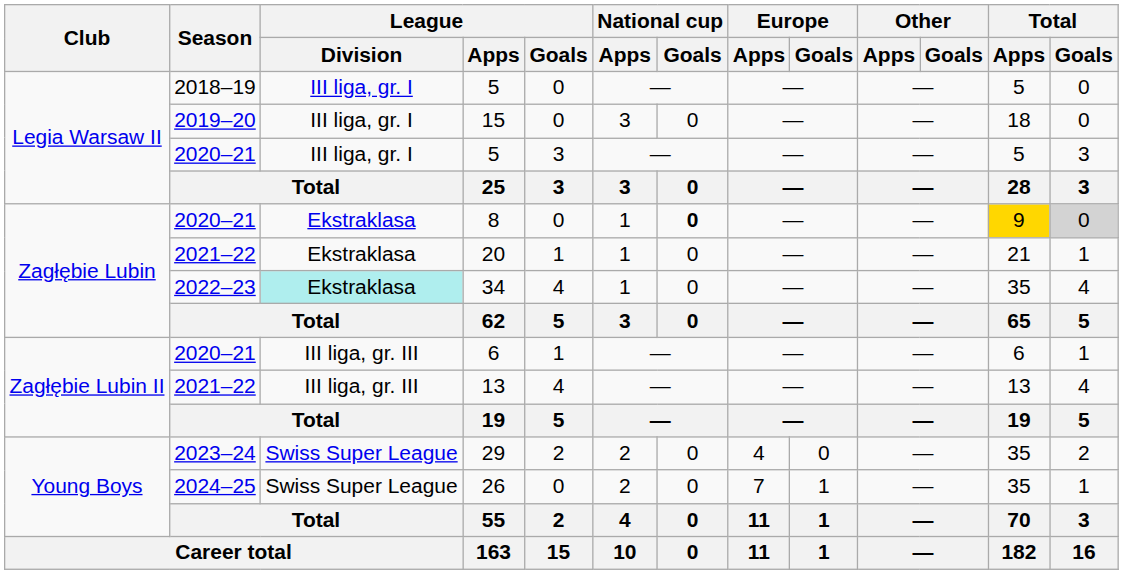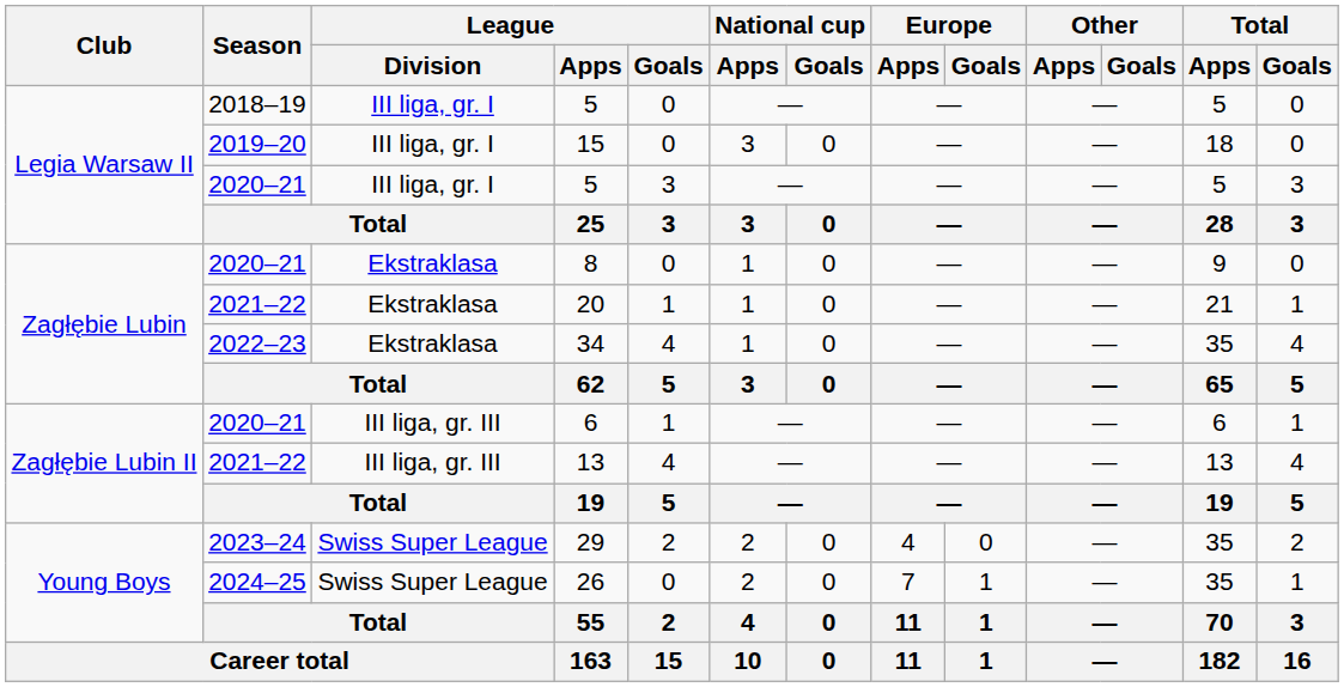 <table class="wikitable" style="text-align: center;">
 <tr>
 <th rowspan="2">Club</th>
 <th rowspan="2">Season</th>
 <th colspan="3">League</th>
 <th colspan="2">National cup</th>
 <th colspan="2">Europe</th>
 <th colspan="2">Other</th>
 <th colspan="2">Total</th>
 </tr>
 <tr>
 <th>Division</th>
 <th>Apps</th>
 <th>Goals</th>
 <th>Apps</th>
 <th>Goals</th>
 <th>Apps</th>
 <th>Goals</th>
 <th>Apps</th>
 <th>Goals</th>
 <th>Apps</th>
 <th>Goals</th>
 </tr>
 <tr>
 <td rowspan="4"><a href='#'>Legia Warsaw II</a></td>
 <td>2018–19</td>
 <td><a href='#'>III liga, gr. I</a></td>
 <td>5</td>
 <td>0</td>
 <td colspan="2">—</td>
 <td colspan="2">—</td>
 <td colspan="2">—</td>
 <td>5</td>
 <td>0</td>
 </tr>
 <tr>
 <td><a href='#'>2019–20</a></td>
 <td>III liga, gr. I</td>
 <td>15</td>
 <td>0</td>
 <td>3</td>
 <td>0</td>
 <td colspan="2">—</td>
 <td colspan="2">—</td>
 <td>18</td>
 <td>0</td>
 </tr>
 <tr>
 <td><a href='#'>2020–21</a></td>
 <td>III liga, gr. I</td>
 <td>5</td>
 <td>3</td>
 <td colspan="2">—</td>
 <td colspan="2">—</td>
 <td colspan="2">—</td>
 <td>5</td>
 <td>3</td>
 </tr>
 <tr>
 <th colspan="2">Total</th>
 <th>25</th>
 <th>3</th>
 <th>3</th>
 <th>0</th>
 <th colspan="2">—</th>
 <th colspan="2">—</th>
 <th>28</th>
 <th>3</th>
 </tr>
 <tr>
 <td rowspan="4"><a href='#'>Zagłębie Lubin</a></td>
 <td><a href='#'>2020–21</a></td>
 <td><a href='#'>Ekstraklasa</a></td>
 <td>8</td>
 <td>0</td>
 <td>1</td>
-<td><strong>0</strong></td>
+<td>0</td>
 <td colspan="2">—</td>
 <td colspan="2">—</td>
-<td style="background: gold;">9</td>
-<td style="background: lightgrey;">0</td>
+<td>9</td>
+<td>0</td>
 </tr>
 <tr>
 <td><a href='#'>2021–22</a></td>
 <td>Ekstraklasa</td>
 <td>20</td>
 <td>1</td>
 <td>1</td>
 <td>0</td>
 <td colspan="2">—</td>
 <td colspan="2">—</td>
 <td>21</td>
 <td>1</td>
 </tr>
 <tr>
 <td><a href='#'>2022–23</a></td>
-<td style="background: paleturquoise;">Ekstraklasa</td>
+<td>Ekstraklasa</td>
 <td>34</td>
 <td>4</td>
 <td>1</td>
 <td>0</td>
 <td colspan="2">—</td>
 <td colspan="2">—</td>
 <td>35</td>
 <td>4</td>
 </tr>
 <tr>
 <th colspan="2">Total</th>
 <th>62</th>
 <th>5</th>
 <th>3</th>
 <th>0</th>
 <th colspan="2">—</th>
 <th colspan="2">—</th>
 <th>65</th>
 <th>5</th>
 </tr>
 <tr>
 <td rowspan="3"><a href='#'>Zagłębie Lubin II</a></td>
 <td><a href='#'>2020–21</a></td>
 <td>III liga, gr. III</td>
 <td>6</td>
 <td>1</td>
 <td colspan="2">—</td>
 <td colspan="2">—</td>
 <td colspan="2">—</td>
 <td>6</td>
 <td>1</td>
 </tr>
 <tr>
 <td><a href='#'>2021–22</a></td>
 <td>III liga, gr. III</td>
 <td>13</td>
 <td>4</td>
 <td colspan="2">—</td>
 <td colspan="2">—</td>
 <td colspan="2">—</td>
 <td>13</td>
 <td>4</td>
 </tr>
 <tr>
 <th colspan="2">Total</th>
 <th>19</th>
 <th>5</th>
 <th colspan="2">—</th>
 <th colspan="2">—</th>
 <th colspan="2">—</th>
 <th>19</th>
 <th>5</th>
 </tr>
 <tr>
 <td rowspan="3"><a href='#'>Young Boys</a></td>
 <td><a href='#'>2023–24</a></td>
 <td><a href='#'>Swiss Super League</a></td>
 <td>29</td>
 <td>2</td>
 <td>2</td>
 <td>0</td>
 <td>4</td>
 <td>0</td>
 <td colspan="2">—</td>
 <td>35</td>
 <td>2</td>
 </tr>
 <tr>
 <td><a href='#'>2024–25</a></td>
 <td>Swiss Super League</td>
 <td>26</td>
 <td>0</td>
 <td>2</td>
 <td>0</td>
 <td>7</td>
 <td>1</td>
 <td colspan="2">—</td>
 <td>35</td>
 <td>1</td>
 </tr>
 <tr>
 <th colspan="2">Total</th>
 <th>55</th>
 <th>2</th>
 <th>4</th>
 <th>0</th>
 <th>11</th>
 <th>1</th>
 <th colspan="2">—</th>
 <th>70</th>
 <th>3</th>
 </tr>
 <tr>
 <th colspan="3">Career total</th>
 <th>163</th>
 <th>15</th>
 <th>10</th>
 <th>0</th>
 <th>11</th>
 <th>1</th>
 <th colspan="2">—</th>
 <th>182</th>
 <th>16</th>
 </tr>
 </table>
